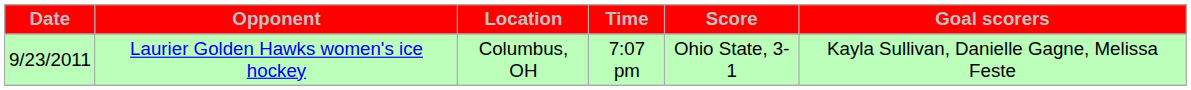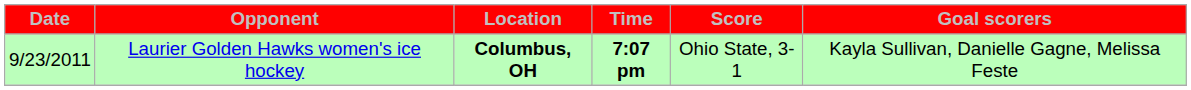 <table class="wikitable" width="80%">
 <tr align="center"  style=" background:red;color:silver;">
 <td><strong>Date</strong></td>
 <td><strong>Opponent</strong></td>
 <td><strong>Location</strong></td>
 <td><strong>Time</strong></td>
 <td><strong>Score</strong></td>
 <td><strong>Goal scorers</strong></td>
 </tr>
 <tr align="center" bgcolor="#bbffbb">
 <td>9/23/2011</td>
 <td><a href='#'>Laurier Golden Hawks women's ice hockey</a></td>
-<td>Columbus, OH</td>
-<td>7:07 pm</td>
+<td><strong>Columbus, OH</strong></td>
+<td><strong>7:07 pm</strong></td>
 <td>Ohio State, 3-1</td>
 <td>Kayla Sullivan, Danielle Gagne, Melissa Feste</td>
 </tr>
 <tr align="center" bgcolor="">
 </tr>
 </table>
